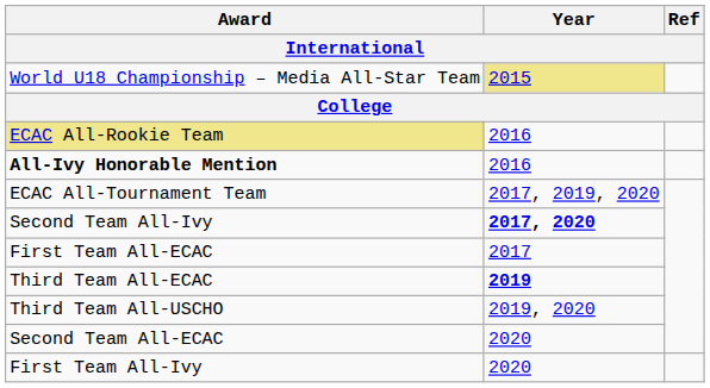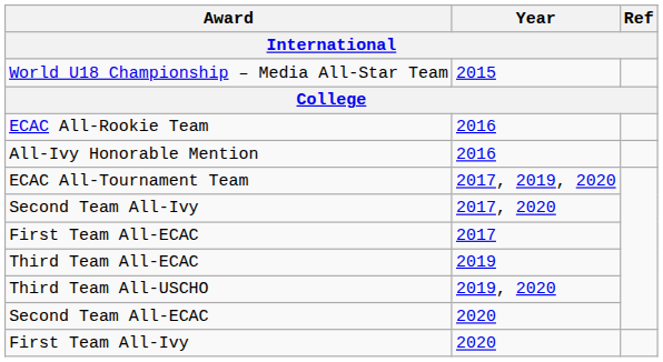 <table class="wikitable">
 <tr>
 <th>Award</th>
 <th>Year</th>
 <th>Ref</th>
 </tr>
 <tr>
 <th colspan="3"><a href='#'>International</a></th>
 </tr>
 <tr>
 <td><a href='#'>World U18 Championship</a> – Media All-Star Team</td>
-<td style="background: khaki;"><a href='#'>2015</a></td>
+<td><a href='#'>2015</a></td>
 <td></td>
 </tr>
 <tr>
 <th colspan="3"><a href='#'>College</a></th>
 </tr>
 <tr>
-<td style="background: khaki;"><a href='#'>ECAC</a> All-Rookie Team</td>
+<td><a href='#'>ECAC</a> All-Rookie Team</td>
 <td><a href='#'>2016</a></td>
 <td></td>
 </tr>
 <tr>
-<td><strong>All-Ivy Honorable Mention</strong></td>
+<td>All-Ivy Honorable Mention</td>
 <td><a href='#'>2016</a></td>
 <td></td>
 </tr>
 <tr>
 <td>ECAC All-Tournament Team</td>
 <td><a href='#'>2017</a>, <a href='#'>2019</a>, <a href='#'>2020</a></td>
 <td rowspan="6"></td>
 </tr>
 <tr>
 <td>Second Team All-Ivy</td>
-<td><strong><a href='#'>2017</a>, <a href='#'>2020</a></strong></td>
+<td><a href='#'>2017</a>, <a href='#'>2020</a></td>
 </tr>
 <tr>
 <td>First Team All-ECAC</td>
 <td><a href='#'>2017</a></td>
 </tr>
 <tr>
 <td>Third Team All-ECAC</td>
-<td><strong><a href='#'>2019</a></strong></td>
+<td><a href='#'>2019</a></td>
 </tr>
 <tr>
 <td>Third Team All-USCHO</td>
 <td><a href='#'>2019</a>, <a href='#'>2020</a></td>
 </tr>
 <tr>
 <td>Second Team All-ECAC</td>
 <td><a href='#'>2020</a></td>
 </tr>
 <tr>
 <td>First Team All-Ivy</td>
 <td><a href='#'>2020</a></td>
 <td></td>
 </tr>
 </table>
